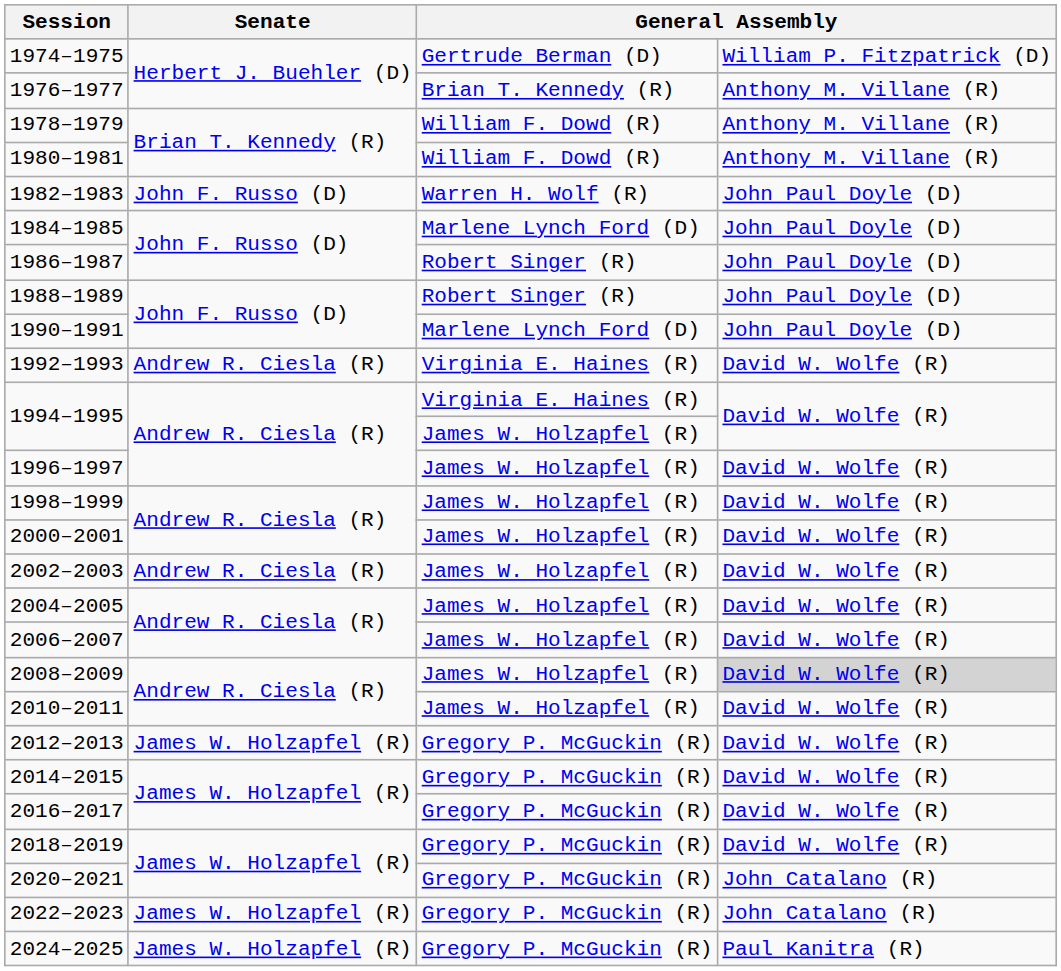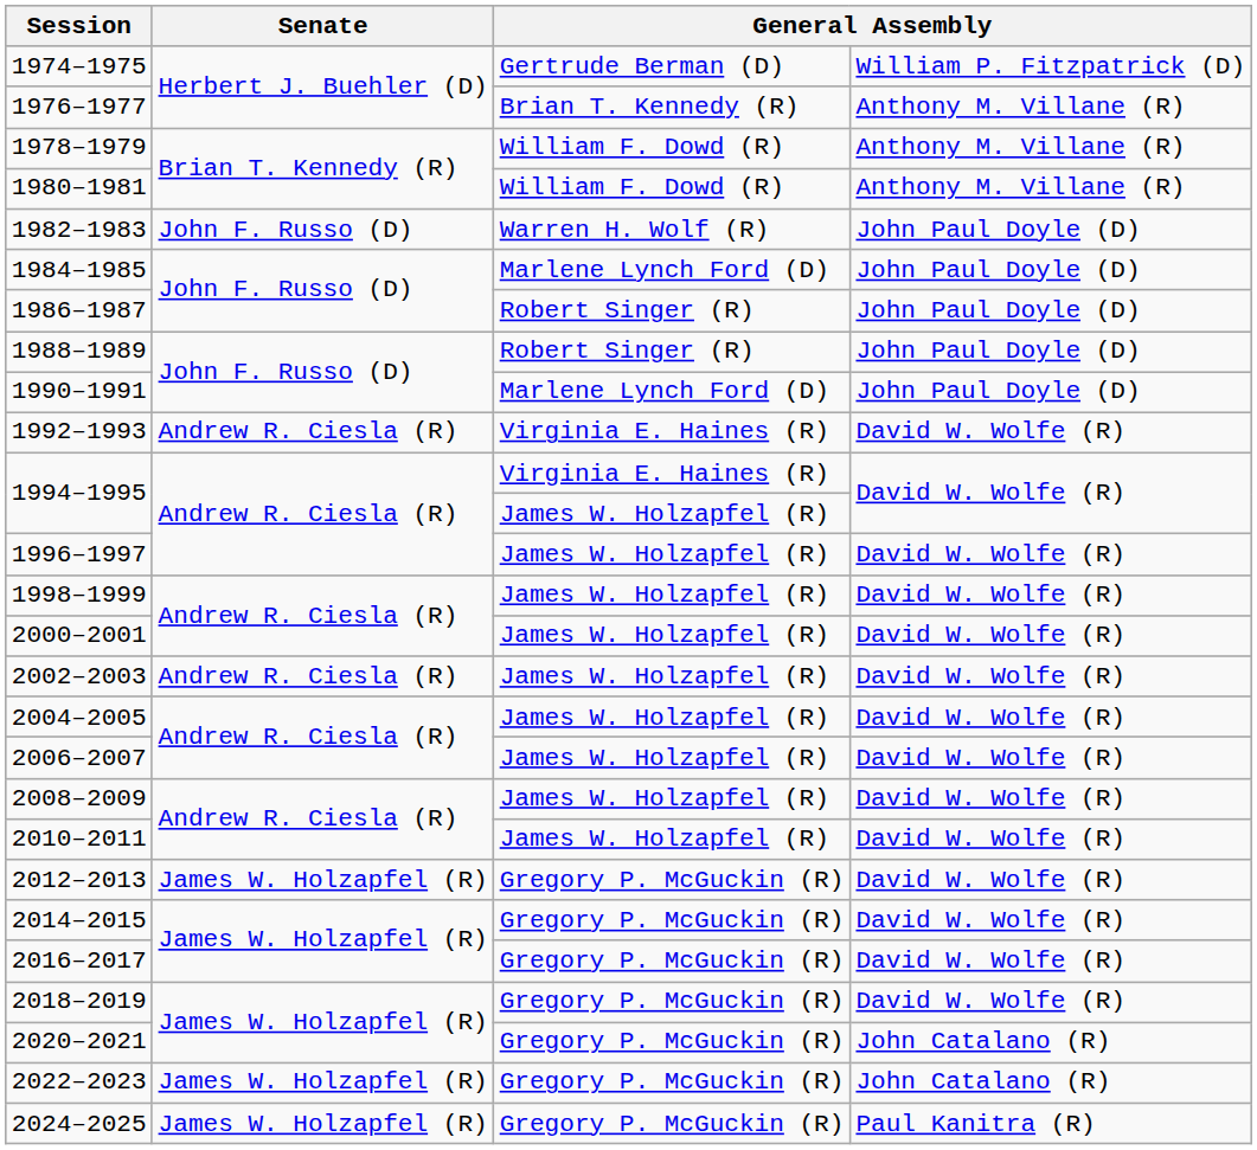 <table class="wikitable">
 <tr>
 <th>Session</th>
 <th>Senate</th>
 <th colspan=2>General Assembly</th>
 </tr>
 <tr>
 <td>1974–1975</td>
 <td rowspan=2 ><a href='#'>Herbert J. Buehler</a> (D)</td>
 <td><a href='#'>Gertrude Berman</a> (D)</td>
 <td><a href='#'>William P. Fitzpatrick</a> (D)</td>
 </tr>
 <tr>
 <td>1976–1977</td>
 <td><a href='#'>Brian T. Kennedy</a> (R)</td>
 <td><a href='#'>Anthony M. Villane</a> (R)</td>
 </tr>
 <tr>
 <td>1978–1979</td>
 <td rowspan=2 ><a href='#'>Brian T. Kennedy</a> (R)</td>
 <td><a href='#'>William F. Dowd</a> (R)</td>
 <td><a href='#'>Anthony M. Villane</a> (R)</td>
 </tr>
 <tr>
 <td>1980–1981</td>
 <td><a href='#'>William F. Dowd</a> (R)</td>
 <td><a href='#'>Anthony M. Villane</a> (R)</td>
 </tr>
 <tr>
 <td>1982–1983</td>
 <td><a href='#'>John F. Russo</a> (D)</td>
 <td><a href='#'>Warren H. Wolf</a> (R)</td>
 <td><a href='#'>John Paul Doyle</a> (D)</td>
 </tr>
 <tr>
 <td>1984–1985</td>
 <td rowspan=2 ><a href='#'>John F. Russo</a> (D)</td>
 <td><a href='#'>Marlene Lynch Ford</a> (D)</td>
 <td><a href='#'>John Paul Doyle</a> (D)</td>
 </tr>
 <tr>
 <td>1986–1987</td>
 <td><a href='#'>Robert Singer</a> (R)</td>
 <td><a href='#'>John Paul Doyle</a> (D)</td>
 </tr>
 <tr>
 <td>1988–1989</td>
 <td rowspan=2 ><a href='#'>John F. Russo</a> (D)</td>
 <td><a href='#'>Robert Singer</a> (R)</td>
 <td><a href='#'>John Paul Doyle</a> (D)</td>
 </tr>
 <tr>
 <td>1990–1991</td>
 <td><a href='#'>Marlene Lynch Ford</a> (D)</td>
 <td><a href='#'>John Paul Doyle</a> (D)</td>
 </tr>
 <tr>
 <td>1992–1993</td>
 <td><a href='#'>Andrew R. Ciesla</a> (R)</td>
 <td><a href='#'>Virginia E. Haines</a> (R)</td>
 <td><a href='#'>David W. Wolfe</a> (R)</td>
 </tr>
 <tr>
 <td rowspan=2>1994–1995</td>
 <td rowspan=3 ><a href='#'>Andrew R. Ciesla</a> (R)</td>
 <td><a href='#'>Virginia E. Haines</a> (R)</td>
 <td rowspan=2 ><a href='#'>David W. Wolfe</a> (R)</td>
 </tr>
 <tr>
 <td><a href='#'>James W. Holzapfel</a> (R)</td>
 </tr>
 <tr>
 <td>1996–1997</td>
 <td><a href='#'>James W. Holzapfel</a> (R)</td>
 <td><a href='#'>David W. Wolfe</a> (R)</td>
 </tr>
 <tr>
 <td>1998–1999</td>
 <td rowspan=2 ><a href='#'>Andrew R. Ciesla</a> (R)</td>
 <td><a href='#'>James W. Holzapfel</a> (R)</td>
 <td><a href='#'>David W. Wolfe</a> (R)</td>
 </tr>
 <tr>
 <td>2000–2001</td>
 <td><a href='#'>James W. Holzapfel</a> (R)</td>
 <td><a href='#'>David W. Wolfe</a> (R)</td>
 </tr>
 <tr>
 <td>2002–2003</td>
 <td><a href='#'>Andrew R. Ciesla</a> (R)</td>
 <td><a href='#'>James W. Holzapfel</a> (R)</td>
 <td><a href='#'>David W. Wolfe</a> (R)</td>
 </tr>
 <tr>
 <td>2004–2005</td>
 <td rowspan=2 ><a href='#'>Andrew R. Ciesla</a> (R)</td>
 <td><a href='#'>James W. Holzapfel</a> (R)</td>
 <td><a href='#'>David W. Wolfe</a> (R)</td>
 </tr>
 <tr>
 <td>2006–2007</td>
 <td><a href='#'>James W. Holzapfel</a> (R)</td>
 <td><a href='#'>David W. Wolfe</a> (R)</td>
 </tr>
 <tr>
 <td>2008–2009</td>
 <td rowspan=2 ><a href='#'>Andrew R. Ciesla</a> (R)</td>
 <td><a href='#'>James W. Holzapfel</a> (R)</td>
-<td style="background: lightgrey;"><a href='#'>David W. Wolfe</a> (R)</td>
+<td><a href='#'>David W. Wolfe</a> (R)</td>
 </tr>
 <tr>
 <td>2010–2011</td>
 <td><a href='#'>James W. Holzapfel</a> (R)</td>
 <td><a href='#'>David W. Wolfe</a> (R)</td>
 </tr>
 <tr>
 <td>2012–2013</td>
 <td><a href='#'>James W. Holzapfel</a> (R)</td>
 <td><a href='#'>Gregory P. McGuckin</a> (R)</td>
 <td><a href='#'>David W. Wolfe</a> (R)</td>
 </tr>
 <tr>
 <td>2014–2015</td>
 <td rowspan=2 ><a href='#'>James W. Holzapfel</a> (R)</td>
 <td><a href='#'>Gregory P. McGuckin</a> (R)</td>
 <td><a href='#'>David W. Wolfe</a> (R)</td>
 </tr>
 <tr>
 <td>2016–2017</td>
 <td><a href='#'>Gregory P. McGuckin</a> (R)</td>
 <td><a href='#'>David W. Wolfe</a> (R)</td>
 </tr>
 <tr>
 <td>2018–2019</td>
 <td rowspan=2 ><a href='#'>James W. Holzapfel</a> (R)</td>
 <td><a href='#'>Gregory P. McGuckin</a> (R)</td>
 <td><a href='#'>David W. Wolfe</a> (R)</td>
 </tr>
 <tr>
 <td>2020–2021</td>
 <td><a href='#'>Gregory P. McGuckin</a> (R)</td>
 <td><a href='#'>John Catalano</a> (R)</td>
 </tr>
 <tr>
 <td>2022–2023</td>
 <td><a href='#'>James W. Holzapfel</a> (R)</td>
 <td><a href='#'>Gregory P. McGuckin</a> (R)</td>
 <td><a href='#'>John Catalano</a> (R)</td>
 </tr>
 <tr>
 <td>2024–2025</td>
 <td><a href='#'>James W. Holzapfel</a> (R)</td>
 <td><a href='#'>Gregory P. McGuckin</a> (R)</td>
 <td><a href='#'>Paul Kanitra</a> (R)</td>
 </tr>
 </table>
